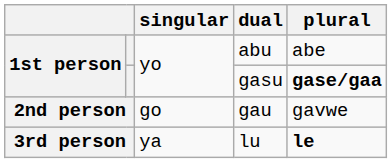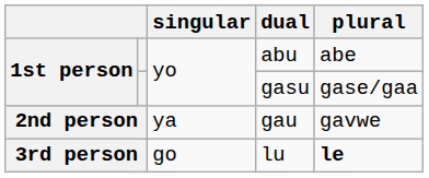 <table class="wikitable">
 <tr>
 <th colspan="2"></th>
 <th>singular</th>
 <th>dual</th>
 <th>plural</th>
 </tr>
 <tr>
 <th rowspan="2">1st person</th>
 <th></th>
 <td rowspan="2">yo</td>
 <td>abu</td>
 <td>abe</td>
 </tr>
 <tr>
 <th></th>
 <td>gasu</td>
-<td><strong>gase/gaa</strong></td>
+<td>gase/gaa</td>
 </tr>
 <tr>
 <th colspan="2">2nd person</th>
-<td>go</td>
+<td>ya</td>
 <td>gau</td>
 <td>gavwe</td>
 </tr>
 <tr>
 <th colspan="2">3rd person</th>
-<td>ya</td>
+<td>go</td>
 <td>lu</td>
 <td><strong>le</strong></td>
 </tr>
 </table>
